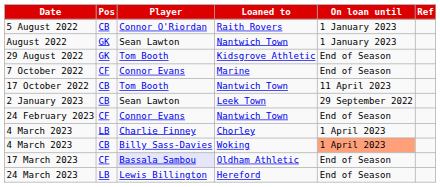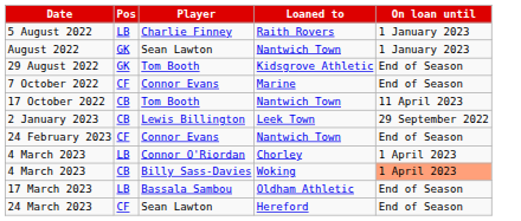 <table class="wikitable plainrowheaders sortable">
 <tr>
 <th style="background:#DD0000; color:#ffffff; ">Date</th>
 <th style="background:#DD0000; color:#ffffff; ">Pos</th>
 <th style="background:#DD0000; color:#ffffff; ">Player</th>
 <th style="background:#DD0000; color:#ffffff; ">Loaned to</th>
 <th style="background:#DD0000; color:#ffffff; ">On loan until</th>
-<th style="background:#DD0000; color:#ffffff; ">Ref</th>
 </tr>
 <tr>
 <td>5 August 2022</td>
-<td><a href='#'>CB</a></td>
-<td> <a href='#'>Connor O'Riordan</a></td>
+<td><a href='#'>LB</a></td>
+<td> <a href='#'>Charlie Finney</a></td>
 <td> <a href='#'>Raith Rovers</a></td>
 <td>1 January 2023</td>
-<td></td>
 </tr>
 <tr>
 <td>August 2022</td>
 <td><a href='#'>GK</a></td>
 <td> Sean Lawton</td>
 <td> <a href='#'>Nantwich Town</a></td>
 <td>1 January 2023</td>
-<td></td>
 </tr>
 <tr>
 <td>29 August 2022</td>
 <td><a href='#'>GK</a></td>
 <td> <a href='#'>Tom Booth</a></td>
 <td> <a href='#'>Kidsgrove Athletic</a></td>
 <td>End of Season</td>
-<td></td>
 </tr>
 <tr>
 <td>7 October 2022</td>
 <td><a href='#'>CF</a></td>
 <td> <a href='#'>Connor Evans</a></td>
 <td> <a href='#'>Marine</a></td>
 <td>End of Season</td>
-<td></td>
 </tr>
 <tr>
 <td>17 October 2022</td>
 <td><a href='#'>CB</a></td>
 <td> <a href='#'>Tom Booth</a></td>
 <td> <a href='#'>Nantwich Town</a></td>
 <td>11 April 2023</td>
-<td></td>
 </tr>
 <tr>
 <td>2 January 2023</td>
 <td><a href='#'>CB</a></td>
-<td> Sean Lawton</td>
+<td> <a href='#'>Lewis Billington</a></td>
 <td> <a href='#'>Leek Town</a></td>
 <td>29 September 2022</td>
-<td></td>
 </tr>
 <tr>
 <td>24 February 2023</td>
 <td><a href='#'>CF</a></td>
 <td> <a href='#'>Connor Evans</a></td>
 <td> <a href='#'>Nantwich Town</a></td>
 <td>End of Season</td>
-<td></td>
 </tr>
 <tr>
 <td>4 March 2023</td>
 <td><a href='#'>LB</a></td>
-<td> <a href='#'>Charlie Finney</a></td>
+<td> <a href='#'>Connor O'Riordan</a></td>
 <td> <a href='#'>Chorley</a></td>
 <td>1 April 2023</td>
-<td></td>
 </tr>
 <tr>
 <td>4 March 2023</td>
 <td><a href='#'>CB</a></td>
 <td> <a href='#'>Billy Sass-Davies</a></td>
 <td> <a href='#'>Woking</a></td>
 <td style="background: lightsalmon;">1 April 2023</td>
-<td></td>
 </tr>
 <tr>
 <td>17 March 2023</td>
-<td><a href='#'>CF</a></td>
-<td style="background: lavender;"> <a href='#'>Bassala Sambou</a></td>
+<td><a href='#'>LB</a></td>
+<td> <a href='#'>Bassala Sambou</a></td>
 <td> <a href='#'>Oldham Athletic</a></td>
 <td>End of Season</td>
-<td></td>
 </tr>
 <tr>
 <td>24 March 2023</td>
-<td><a href='#'>LB</a></td>
-<td> <a href='#'>Lewis Billington</a></td>
+<td><a href='#'>CF</a></td>
+<td> Sean Lawton</td>
 <td> <a href='#'>Hereford</a></td>
 <td>End of Season</td>
-<td></td>
 </tr>
 </table>
